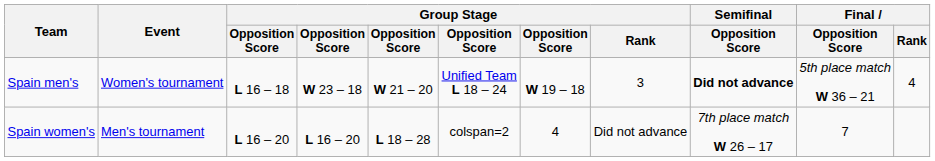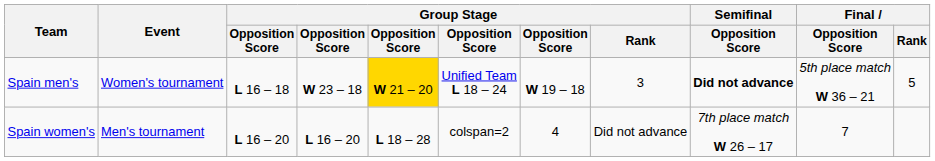 <table class="wikitable" style="font-size:90%">
 <tr>
 <th rowspan=2>Team</th>
 <th rowspan=2>Event</th>
 <th colspan=6>Group Stage</th>
 <th>Semifinal</th>
 <th colspan=2>Final / </th>
 </tr>
 <tr style="font-size:95%">
 <th>Opposition<br>Score</th>
 <th>Opposition<br>Score</th>
 <th>Opposition<br>Score</th>
 <th>Opposition<br>Score</th>
 <th>Opposition<br>Score</th>
 <th>Rank</th>
 <th>Opposition<br>Score</th>
 <th>Opposition<br>Score</th>
 <th>Rank</th>
 </tr>
 <tr align=center>
 <td align=left><a href='#'>Spain men's</a></td>
 <td align=left><a href='#'>Women's tournament</a></td>
 <td><br><strong>L</strong> 16 – 18</td>
 <td><br><strong>W</strong> 23 – 18</td>
-<td><br><strong>W</strong> 21 – 20</td>
+<td style="background: gold;"><br><strong>W</strong> 21 – 20</td>
 <td><a href='#'>Unified Team</a><br><strong>L</strong> 18 – 24</td>
 <td><br><strong>W</strong> 19 – 18</td>
 <td>3</td>
 <td><strong>Did not advance</strong></td>
 <td><em>5th place match</em><br><br><strong>W</strong> 36 – 21</td>
-<td>4</td>
+<td>5</td>
 </tr>
 <tr align=center>
 <td align=left><a href='#'>Spain women's</a></td>
 <td align=left><a href='#'>Men's tournament</a></td>
 <td><br><strong>L</strong> 16 – 20</td>
 <td><br><strong>L</strong> 16 – 20</td>
 <td><br><strong>L</strong> 18 – 28</td>
 <td>colspan=2 </td>
 <td>4</td>
 <td>Did not advance</td>
 <td><em>7th place match</em><br><br><strong>W</strong> 26 – 17</td>
 <td>7</td>
 </tr>
 </table>
